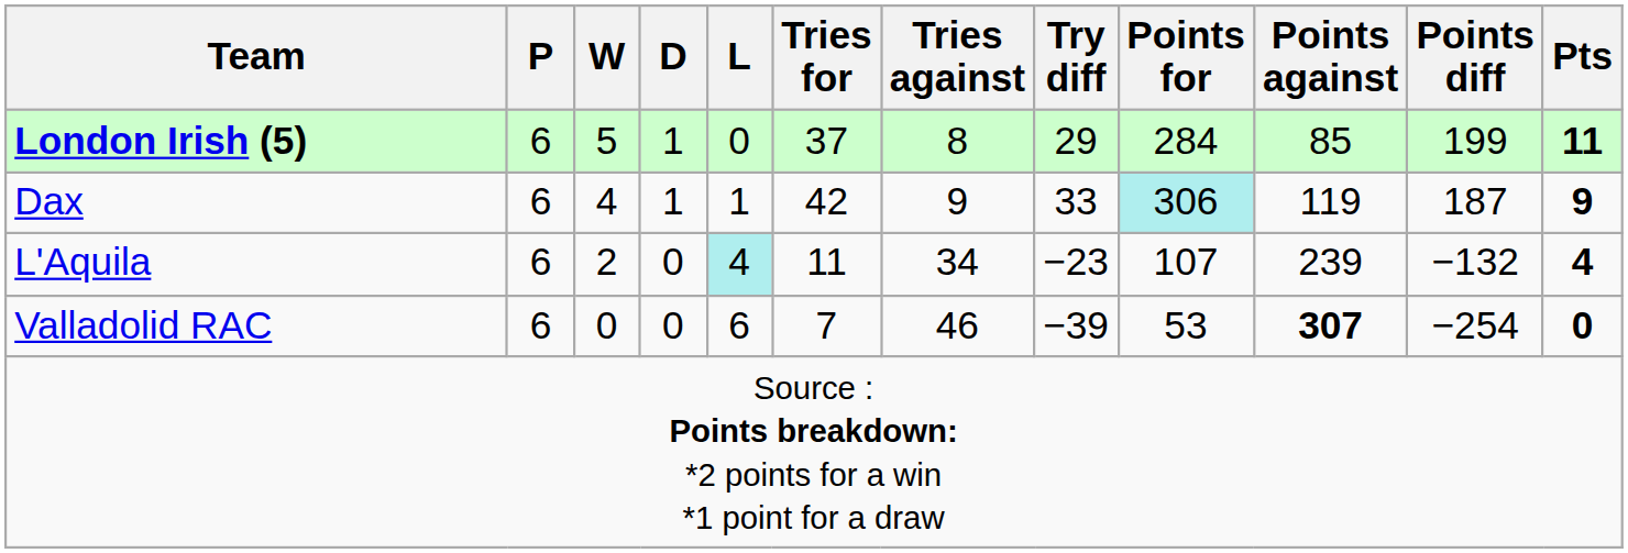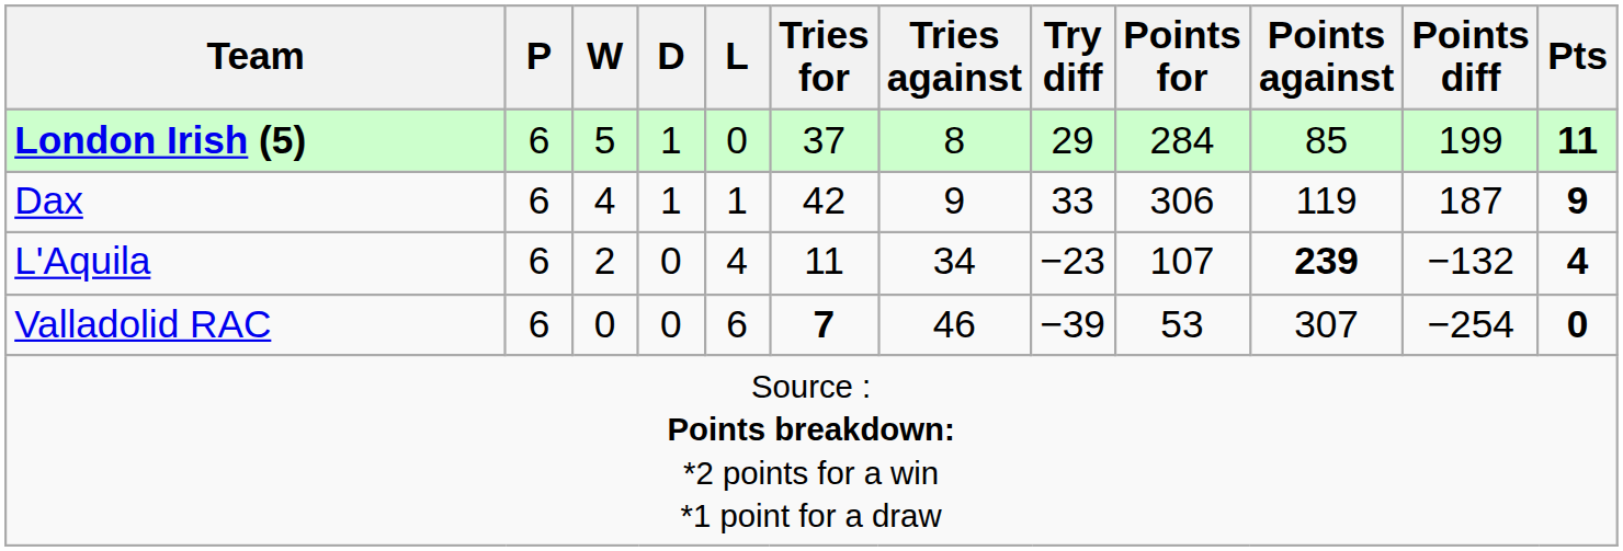 <table class="wikitable" style="text-align: center;">
 <tr>
 <th width="200">Team</th>
 <th width="20">P</th>
 <th width="20">W</th>
 <th width="20">D</th>
 <th width="20">L</th>
 <th width="20">Tries for</th>
 <th width="20">Tries against</th>
 <th width="20">Try diff</th>
 <th width="20">Points for</th>
 <th width="20">Points against</th>
 <th width="25">Points diff</th>
 <th width="20">Pts</th>
 </tr>
 <tr bgcolor="#ccffcc">
 <td align="left"> <strong><a href='#'>London Irish</a> (5)</strong></td>
 <td>6</td>
 <td>5</td>
 <td>1</td>
 <td>0</td>
 <td>37</td>
 <td>8</td>
 <td>29</td>
 <td>284</td>
 <td>85</td>
 <td>199</td>
 <td><strong>11</strong></td>
 </tr>
 <tr>
 <td align="left"> <a href='#'>Dax</a></td>
 <td>6</td>
 <td>4</td>
 <td>1</td>
 <td>1</td>
 <td>42</td>
 <td>9</td>
 <td>33</td>
-<td style="background: paleturquoise;">306</td>
+<td>306</td>
 <td>119</td>
 <td>187</td>
 <td><strong>9</strong></td>
 </tr>
 <tr>
 <td align="left"> <a href='#'>L'Aquila</a></td>
 <td>6</td>
 <td>2</td>
 <td>0</td>
-<td style="background: paleturquoise;">4</td>
+<td>4</td>
 <td>11</td>
 <td>34</td>
 <td>−23</td>
 <td>107</td>
-<td>239</td>
+<td><strong>239</strong></td>
 <td>−132</td>
 <td><strong>4</strong></td>
 </tr>
 <tr>
 <td align="left"> <a href='#'>Valladolid RAC</a></td>
 <td>6</td>
 <td>0</td>
 <td>0</td>
 <td>6</td>
-<td>7</td>
+<td><strong>7</strong></td>
 <td>46</td>
 <td>−39</td>
 <td>53</td>
-<td><strong>307</strong></td>
+<td>307</td>
 <td>−254</td>
 <td><strong>0</strong></td>
 </tr>
 <tr |align=left|>
 <td colspan="14" style="border:0px"><small>Source :  <br><strong>Points breakdown:</strong><br>*2 points for a win<br>*1 point for a draw</small></td>
 </tr>
 </table>
